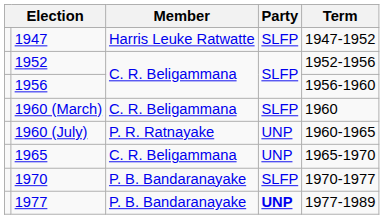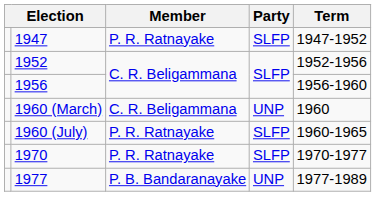 <table class="wikitable">
 <tr>
 <th colspan="2">Election</th>
 <th>Member</th>
 <th>Party</th>
 <th>Term</th>
 </tr>
 <tr>
 <td style="background-color: "></td>
 <td><a href='#'>1947</a></td>
-<td><a href='#'>Harris Leuke Ratwatte</a></td>
+<td><a href='#'>P. R. Ratnayake</a></td>
 <td><a href='#'>SLFP</a></td>
 <td>1947-1952</td>
 </tr>
 <tr>
 <td style="background-color: "></td>
 <td><a href='#'>1952</a></td>
 <td rowspan=2><a href='#'>C. R. Beligammana</a></td>
 <td rowspan=2><a href='#'>SLFP</a></td>
 <td>1952-1956</td>
 </tr>
 <tr>
 <td style="background-color: "></td>
 <td><a href='#'>1956</a></td>
 <td>1956-1960</td>
 </tr>
 <tr>
 <td style="background-color: "></td>
 <td><a href='#'>1960 (March)</a></td>
 <td><a href='#'>C. R. Beligammana</a></td>
-<td><a href='#'>SLFP</a></td>
+<td><a href='#'>UNP</a></td>
 <td>1960</td>
 </tr>
 <tr>
 <td style="background-color: "></td>
 <td><a href='#'>1960 (July)</a></td>
 <td><a href='#'>P. R. Ratnayake</a></td>
-<td><a href='#'>UNP</a></td>
+<td><a href='#'>SLFP</a></td>
 <td>1960-1965</td>
 </tr>
 <tr>
 <td style="background-color: "></td>
-<td><a href='#'>1965</a></td>
-<td><a href='#'>C. R. Beligammana</a></td>
-<td><a href='#'>UNP</a></td>
-<td>1965-1970</td>
-</tr>
-<tr>
-<td style="background-color: "></td>
 <td><a href='#'>1970</a></td>
-<td><a href='#'>P. B. Bandaranayake</a></td>
+<td><a href='#'>P. R. Ratnayake</a></td>
 <td><a href='#'>SLFP</a></td>
 <td>1970-1977</td>
 </tr>
 <tr>
 <td style="background-color: "></td>
 <td><a href='#'>1977</a></td>
 <td><a href='#'>P. B. Bandaranayake</a></td>
-<td><strong><a href='#'>UNP</a></strong></td>
+<td><a href='#'>UNP</a></td>
 <td>1977-1989</td>
 </tr>
 </table>
